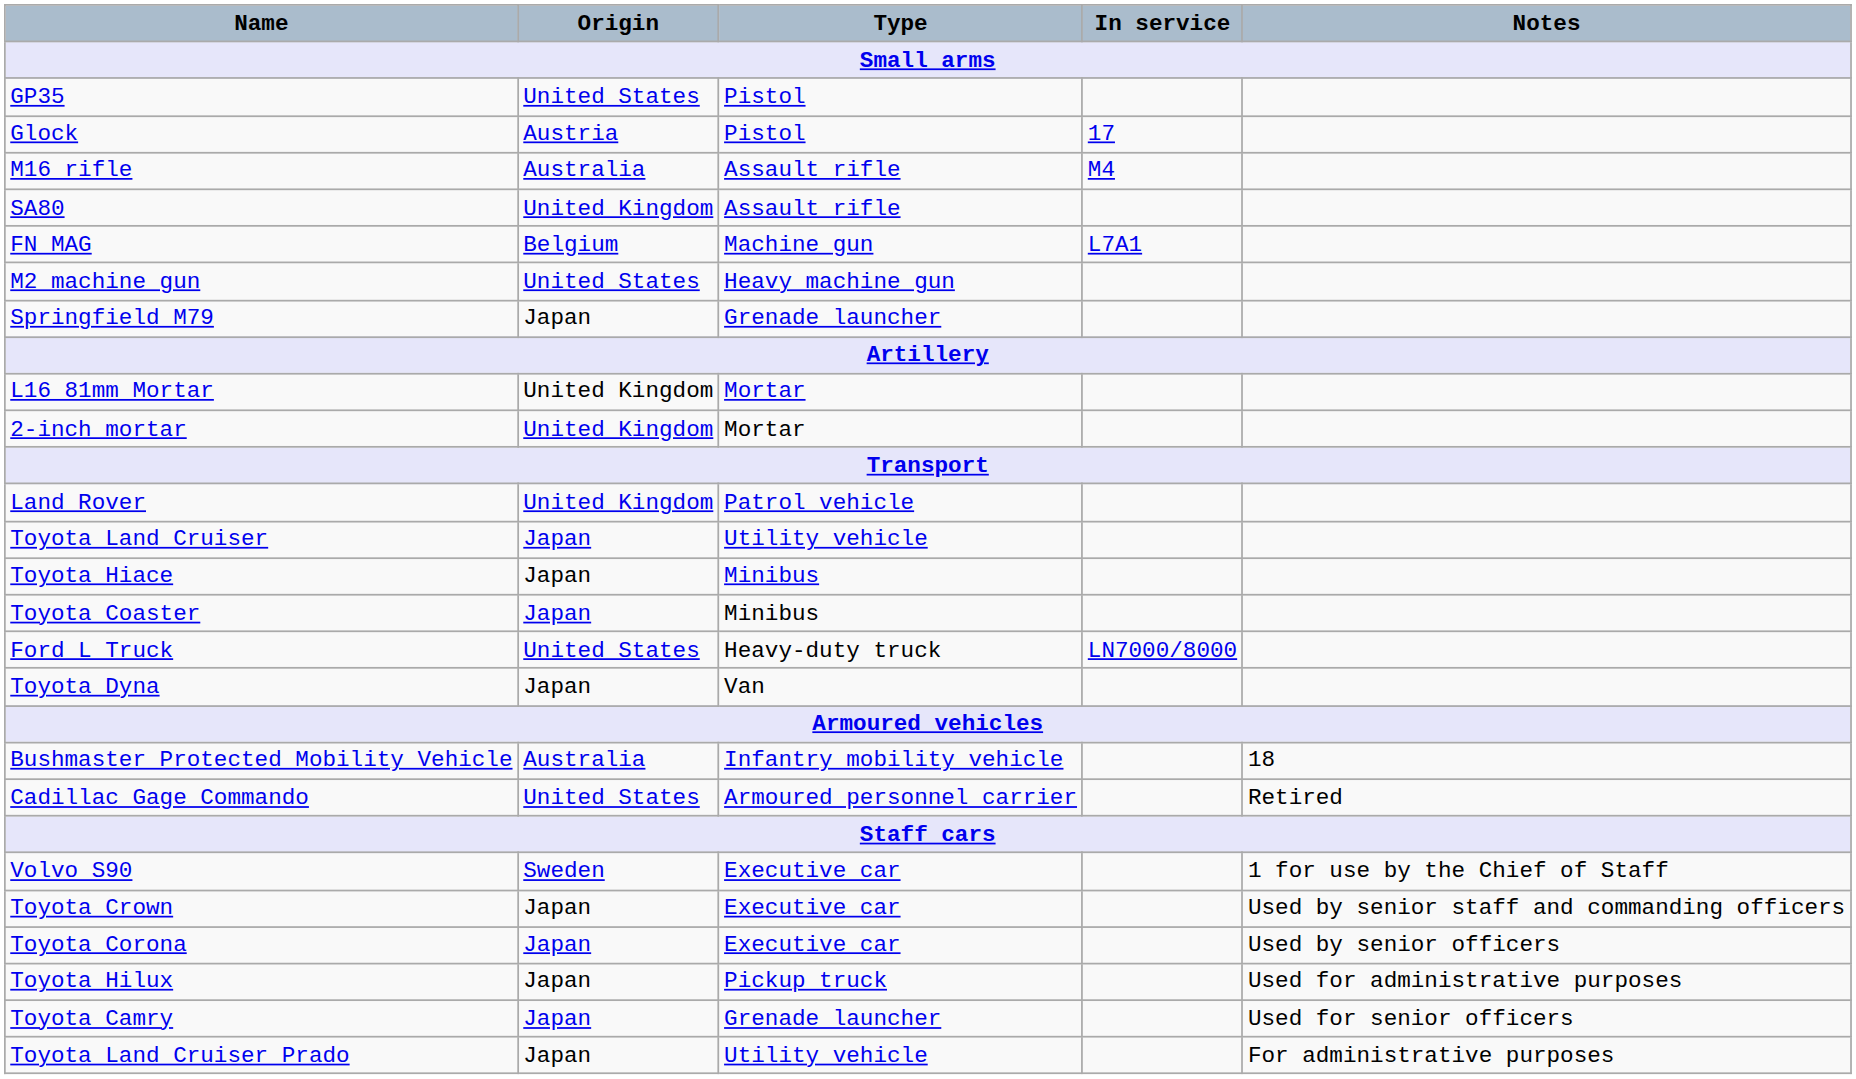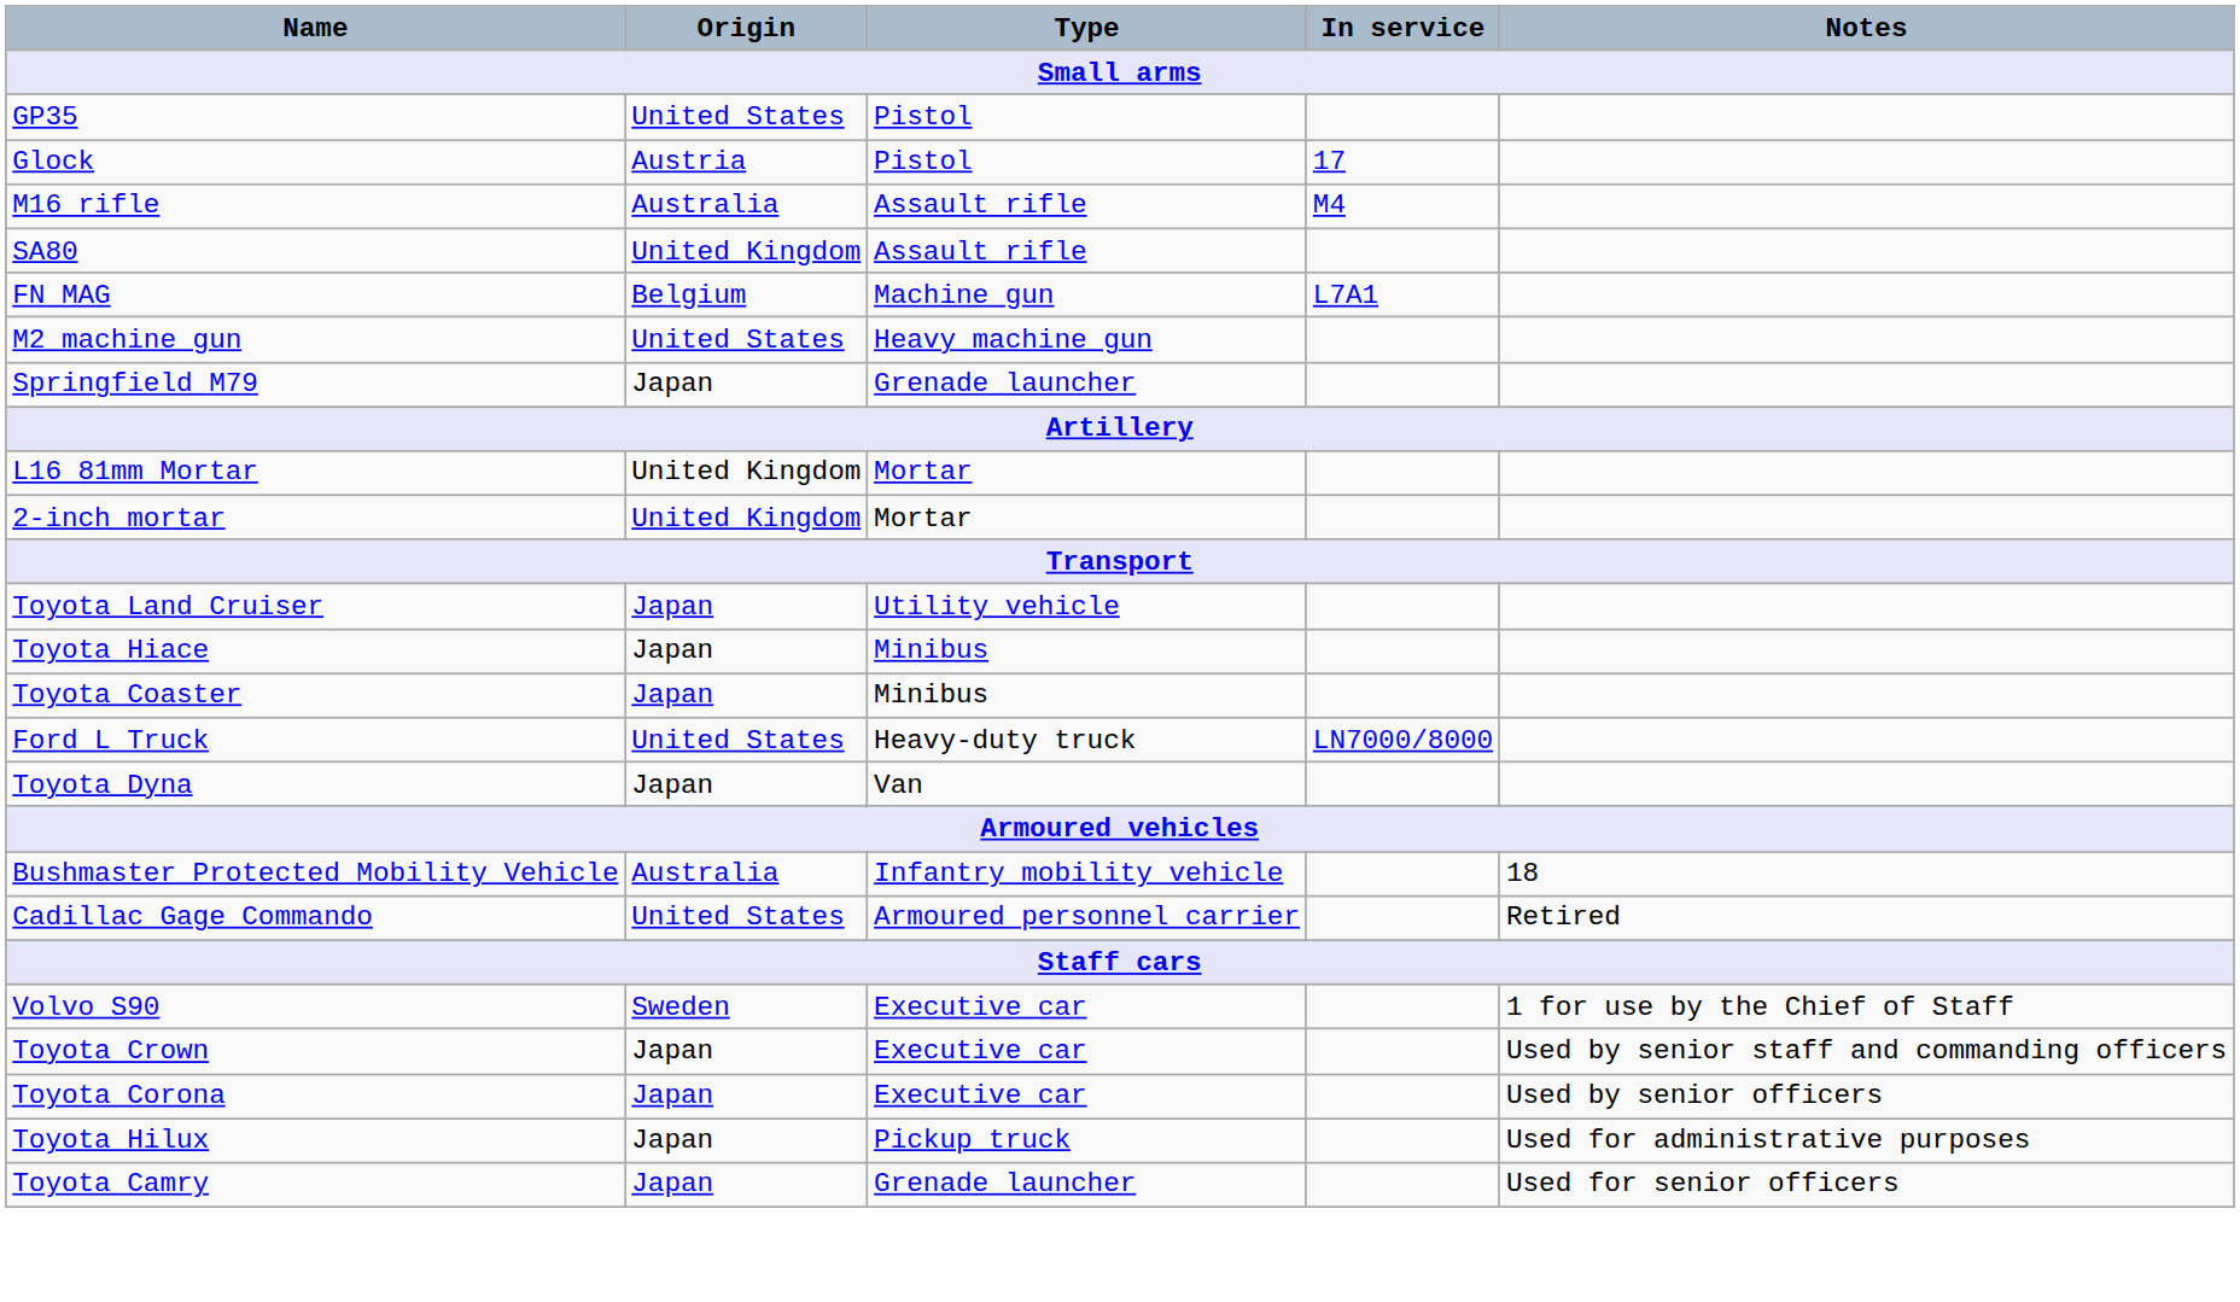 <table class="wikitable">
 <tr>
 <th style="text-align:center; background:#aabccc;">Name</th>
 <th style="text-align: center; background:#aabccc;">Origin</th>
 <th style="text-align:l center; background:#aabccc;">Type</th>
 <th style="text-align:l center; background:#aabccc;">In service</th>
 <th style="text-align: center; background:#aabccc;">Notes</th>
 </tr>
 <tr>
 <th style="align: center; background: lavender;" colspan="5"><a href='#'>Small arms</a></th>
 </tr>
 <tr>
 <td><a href='#'>GP35</a></td>
 <td><a href='#'>United States</a></td>
 <td><a href='#'>Pistol</a></td>
 <td></td>
 <td></td>
 </tr>
 <tr>
 <td><a href='#'>Glock</a></td>
 <td><a href='#'>Austria</a></td>
 <td><a href='#'>Pistol</a></td>
 <td><a href='#'>17</a></td>
 <td></td>
 </tr>
 <tr>
 <td><a href='#'>M16 rifle</a></td>
 <td><a href='#'>Australia</a></td>
 <td><a href='#'>Assault rifle</a></td>
 <td><a href='#'>M4</a></td>
 <td></td>
 </tr>
 <tr>
 <td><a href='#'>SA80</a></td>
 <td><a href='#'>United Kingdom</a></td>
 <td><a href='#'>Assault rifle</a></td>
 <td></td>
 <td></td>
 </tr>
 <tr>
 <td><a href='#'>FN MAG</a></td>
 <td><a href='#'>Belgium</a></td>
 <td><a href='#'>Machine gun</a></td>
 <td><a href='#'>L7A1</a></td>
 <td></td>
 </tr>
 <tr>
 <td><a href='#'>M2 machine gun</a></td>
 <td><a href='#'>United States</a></td>
 <td><a href='#'>Heavy machine gun</a></td>
 <td></td>
 <td></td>
 </tr>
 <tr>
 <td><a href='#'>Springfield M79</a></td>
 <td>Japan</td>
 <td><a href='#'>Grenade launcher</a></td>
 <td></td>
 <td></td>
 </tr>
 <tr>
 <th style="align: center; background: lavender;" colspan="5"><a href='#'>Artillery</a></th>
 </tr>
 <tr>
 <td><a href='#'>L16 81mm Mortar</a></td>
 <td>United Kingdom</td>
 <td><a href='#'>Mortar</a></td>
 <td></td>
 <td></td>
 </tr>
 <tr>
 <td><a href='#'>2-inch mortar</a></td>
 <td><a href='#'>United Kingdom</a></td>
 <td>Mortar</td>
 <td></td>
 <td></td>
 </tr>
 <tr>
 <th style="align: center; background: lavender;" colspan="5"><a href='#'>Transport</a></th>
-</tr>
-<tr>
-<td><a href='#'>Land Rover</a></td>
-<td><a href='#'>United Kingdom</a></td>
-<td><a href='#'>Patrol vehicle</a></td>
-<td></td>
-<td></td>
 </tr>
 <tr>
 <td><a href='#'>Toyota Land Cruiser</a></td>
 <td><a href='#'>Japan</a></td>
 <td><a href='#'>Utility vehicle</a></td>
 <td></td>
 <td></td>
 </tr>
 <tr>
 <td><a href='#'>Toyota Hiace</a></td>
 <td>Japan</td>
 <td><a href='#'>Minibus</a></td>
 <td></td>
 <td></td>
 </tr>
 <tr>
 <td><a href='#'>Toyota Coaster</a></td>
 <td><a href='#'>Japan</a></td>
 <td>Minibus</td>
 <td></td>
 <td></td>
 </tr>
 <tr>
 <td><a href='#'>Ford L Truck</a></td>
 <td><a href='#'>United States</a></td>
 <td>Heavy-duty truck</td>
 <td><a href='#'>LN7000/8000</a></td>
 <td></td>
 </tr>
 <tr>
 <td><a href='#'>Toyota Dyna</a></td>
 <td>Japan</td>
 <td>Van</td>
 <td></td>
 <td></td>
 </tr>
 <tr>
 <th style="align: center; background: lavender;" colspan="5"><a href='#'>Armoured vehicles</a></th>
 </tr>
 <tr>
 <td><a href='#'>Bushmaster Protected Mobility Vehicle</a></td>
 <td><a href='#'>Australia</a></td>
 <td><a href='#'>Infantry mobility vehicle</a></td>
 <td></td>
 <td>18</td>
 </tr>
 <tr>
 <td><a href='#'>Cadillac Gage Commando</a></td>
 <td><a href='#'>United States</a></td>
 <td><a href='#'>Armoured personnel carrier</a></td>
 <td></td>
 <td>Retired</td>
 </tr>
 <tr>
 <th style="align: center; background: lavender;" colspan="5"><a href='#'>Staff cars</a></th>
 </tr>
 <tr>
 <td><a href='#'>Volvo S90</a></td>
 <td><a href='#'>Sweden</a></td>
 <td><a href='#'>Executive car</a></td>
 <td></td>
 <td>1 for use by the Chief of Staff</td>
 </tr>
 <tr>
 <td><a href='#'>Toyota Crown</a></td>
 <td>Japan</td>
 <td><a href='#'>Executive car</a></td>
 <td></td>
 <td>Used by senior staff and commanding officers</td>
 </tr>
 <tr>
 <td><a href='#'>Toyota Corona</a></td>
 <td><a href='#'>Japan</a></td>
 <td><a href='#'>Executive car</a></td>
 <td></td>
 <td>Used by senior officers</td>
 </tr>
 <tr>
 <td><a href='#'>Toyota Hilux</a></td>
 <td>Japan</td>
 <td><a href='#'>Pickup truck</a></td>
 <td></td>
 <td>Used for administrative purposes</td>
 </tr>
 <tr>
 <td><a href='#'>Toyota Camry</a></td>
 <td><a href='#'>Japan</a></td>
 <td><a href='#'>Grenade launcher</a></td>
 <td></td>
 <td>Used for senior officers</td>
 </tr>
-<tr>
-<td><a href='#'>Toyota Land Cruiser Prado</a></td>
-<td>Japan</td>
-<td><a href='#'>Utility vehicle</a></td>
-<td></td>
-<td>For administrative purposes</td>
-</tr>
 </table>
